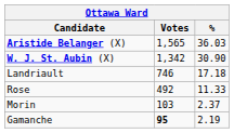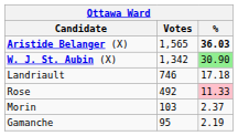 <table class="wikitable">
 <tr>
 <th colspan="3"><a href='#'>Ottawa Ward</a></th>
 </tr>
 <tr>
 <th style="width: 200px">Candidate</th>
 <th style="width: 50px">Votes</th>
 <th style="width: 40px">%</th>
 </tr>
 <tr>
 <td><strong><a href='#'>Aristide Belanger</a></strong> (X)</td>
 <td>1,565</td>
-<td>36.03</td>
+<td><strong>36.03</strong></td>
 </tr>
 <tr>
 <td><strong><a href='#'>W. J. St. Aubin</a></strong> (X)</td>
 <td>1,342</td>
-<td>30.90</td>
+<td style="background: lightgreen;">30.90</td>
 </tr>
 <tr>
 <td>Landriault</td>
 <td>746</td>
 <td>17.18</td>
 </tr>
 <tr>
 <td>Rose</td>
 <td>492</td>
-<td>11.33</td>
+<td style="background: pink;">11.33</td>
 </tr>
 <tr>
 <td>Morin</td>
 <td>103</td>
 <td>2.37</td>
 </tr>
 <tr>
 <td>Gamanche</td>
-<td><strong>95</strong></td>
+<td>95</td>
 <td>2.19</td>
 </tr>
 </table>
